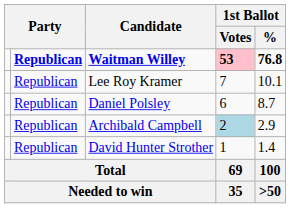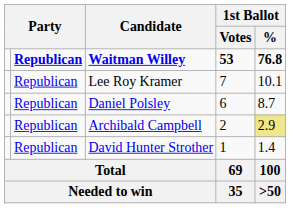 <table class="wikitable sortable">
 <tr>
 <th colspan="2" rowspan="2" class="unsortable">Party</th>
 <th rowspan="2" class="unsortable">Candidate</th>
 <th colspan="2">1st Ballot</th>
 </tr>
 <tr>
 <th>Votes</th>
 <th>%</th>
 </tr>
 <tr>
 <td style="background-color:"></td>
 <td><a href='#'><strong>Republican</strong></a></td>
 <td><a href='#'><strong>Waitman Willey</strong></a></td>
-<td style="background: pink;"><strong>53</strong></td>
+<td><strong>53</strong></td>
 <td><strong>76.8</strong></td>
 </tr>
 <tr>
 <td style="background-color:"></td>
 <td><a href='#'>Republican</a></td>
 <td>Lee Roy Kramer</td>
 <td>7</td>
 <td>10.1</td>
 </tr>
 <tr>
 <td style="background-color:"></td>
 <td><a href='#'>Republican</a></td>
 <td><a href='#'>Daniel Polsley</a></td>
 <td>6</td>
 <td>8.7</td>
 </tr>
 <tr>
 <td style="background-color:"></td>
 <td><a href='#'>Republican</a></td>
 <td><a href='#'>Archibald Campbell</a></td>
-<td style="background: lightblue;">2</td>
-<td>2.9</td>
+<td>2</td>
+<td style="background: khaki;">2.9</td>
 </tr>
 <tr>
 <td style="background-color:"></td>
 <td><a href='#'>Republican</a></td>
 <td><a href='#'>David Hunter Strother</a></td>
 <td>1</td>
 <td>1.4</td>
 </tr>
 <tr>
 <th colspan="3">Total</th>
 <th>69</th>
 <th>100</th>
 </tr>
 <tr>
 <th colspan="3">Needed to win</th>
 <th>35</th>
 <th>>50</th>
 </tr>
 </table>
